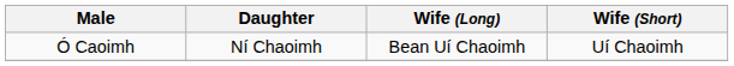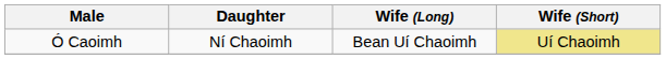 <table class="wikitable" style="text-align:right">
 <tr>
 <th width=20%>Male</th>
 <th width=20%>Daughter</th>
 <th width=20%>Wife <em><small>(Long)</small></em></th>
 <th width=20%>Wife <em><small>(Short)</small></em></th>
 </tr>
 <tr>
 <td align="center">Ó Caoimh</td>
 <td align="center">Ní Chaoimh</td>
 <td align="center">Bean Uí Chaoimh</td>
-<td align="center">Uí Chaoimh</td>
+<td align="center" style="background: khaki;">Uí Chaoimh</td>
 </tr>
 <tr>
 </tr>
 </table>
